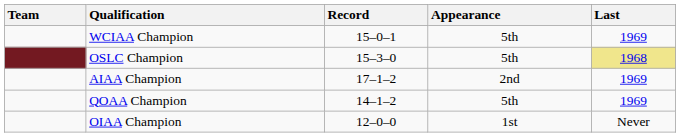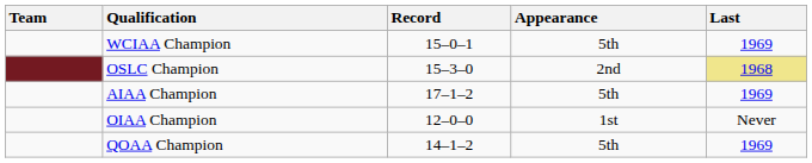 <table class="wikitable sortable" style="text-align: center;" width=800>
 <tr style="background:#efefef; text-align:center">
 <th style="text-align:left">Team</th>
 <th style="text-align:left">Qualification</th>
 <th style="text-align:left">Record</th>
 <th style="text-align:left">Appearance</th>
 <th style="text-align:left">Last</th>
 </tr>
 <tr style="text-align:center">
 <td style="text-align:left; "><a href='#'></a></td>
 <td style="text-align:left"><a href='#'>WCIAA</a> Champion</td>
 <td style="text-align:center">15–0–1</td>
 <td style="text-align:center">5th</td>
 <td style="text-align:center"><a href='#'>1969</a></td>
 </tr>
 <tr style="text-align:center">
 <td style="text-align:left; color:white; background:#731921; "><a href='#'></a></td>
 <td style="text-align:left"><a href='#'>OSLC</a> Champion</td>
 <td style="text-align:center">15–3–0</td>
-<td style="text-align:center">5th</td>
+<td style="text-align:center">2nd</td>
 <td style="background: khaki; text-align:center"><a href='#'>1968</a></td>
 </tr>
 <tr style="text-align:center">
 <td style="text-align:left; "><a href='#'></a></td>
 <td style="text-align:left"><a href='#'>AIAA</a> Champion</td>
 <td style="text-align:center">17–1–2</td>
-<td style="text-align:center">2nd</td>
-<td style="text-align:center"><a href='#'>1969</a></td>
-</tr>
-<tr style="text-align:center">
-<td style="text-align:left; "><a href='#'></a></td>
-<td style="text-align:left"><a href='#'>QOAA</a> Champion</td>
-<td style="text-align:center">14–1–2</td>
 <td style="text-align:center">5th</td>
 <td style="text-align:center"><a href='#'>1969</a></td>
 </tr>
 <tr style="text-align:center">
 <td style="text-align:left; "><a href='#'></a></td>
 <td style="text-align:left"><a href='#'>OIAA</a> Champion</td>
 <td style="text-align:center">12–0–0</td>
 <td style="text-align:center">1st</td>
 <td style="text-align:center">Never</td>
 </tr>
+<tr style="text-align:center">
+<td style="text-align:left; "><a href='#'></a></td>
+<td style="text-align:left"><a href='#'>QOAA</a> Champion</td>
+<td style="text-align:center">14–1–2</td>
+<td style="text-align:center">5th</td>
+<td style="text-align:center"><a href='#'>1969</a></td>
+</tr>
 </table>
